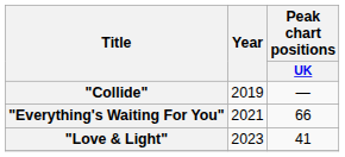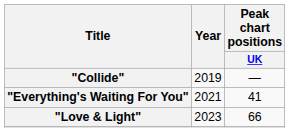 <table class="wikitable plainrowheaders" style="text-align:center;">
 <tr>
 <th scope="col" rowspan="2">Title</th>
 <th scope="col" rowspan="2">Year</th>
 <th scope="col" rowspan="1">Peak chart positions</th>
 </tr>
 <tr>
 <th scope="col" style="width:3em;font-size:85%;"><a href='#'>UK</a><br></th>
 </tr>
 <tr>
 <th scope="row">"Collide"</th>
 <td rowspan="1">2019</td>
 <td>—</td>
 </tr>
 <tr>
 <th scope="row">"Everything's Waiting For You"</th>
 <td rowspan="1">2021</td>
-<td>66</td>
+<td>41</td>
 </tr>
 <tr>
 <th scope="row">"Love & Light"</th>
 <td rowspan="1">2023</td>
-<td>41</td>
+<td>66</td>
 </tr>
 <tr>
 </tr>
 </table>
